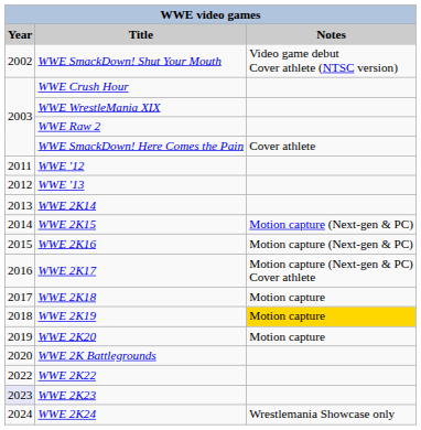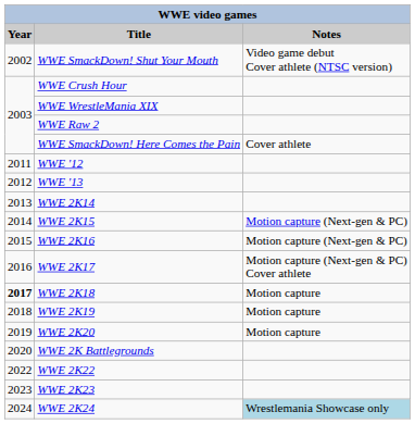 <table class="wikitable sortable">
 <tr style="text-align:center;">
 <th colspan=4 style="background:#B0C4DE;">WWE video games</th>
 </tr>
 <tr style="text-align:center;">
 <th style="background:#ccc;">Year</th>
 <th style="background:#ccc;">Title</th>
 <th style="background:#ccc;">Notes</th>
 </tr>
 <tr>
 <td>2002</td>
 <td><em><a href='#'>WWE SmackDown! Shut Your Mouth</a></em></td>
 <td>Video game debut <br> Cover athlete (<a href='#'>NTSC</a> version)</td>
 </tr>
 <tr>
 <td rowspan="4">2003</td>
 <td><em><a href='#'>WWE Crush Hour</a></em></td>
 <td></td>
 </tr>
 <tr>
 <td><em><a href='#'>WWE WrestleMania XIX</a></em></td>
 <td></td>
 </tr>
 <tr>
 <td><em><a href='#'>WWE Raw 2</a></em></td>
 <td></td>
 </tr>
 <tr>
 <td><em><a href='#'>WWE SmackDown! Here Comes the Pain</a></em></td>
 <td>Cover athlete</td>
 </tr>
 <tr>
 <td>2011</td>
 <td><em><a href='#'>WWE '12</a></em></td>
 <td></td>
 </tr>
 <tr>
 <td>2012</td>
 <td><em><a href='#'>WWE '13</a></em></td>
 <td></td>
 </tr>
 <tr>
 <td>2013</td>
 <td><em><a href='#'>WWE 2K14</a></em></td>
 <td></td>
 </tr>
 <tr>
 <td>2014</td>
 <td><em><a href='#'>WWE 2K15</a></em></td>
 <td><a href='#'>Motion capture</a> (Next-gen & PC)</td>
 </tr>
 <tr>
 <td>2015</td>
 <td><em><a href='#'>WWE 2K16</a></em></td>
 <td>Motion capture (Next-gen & PC)</td>
 </tr>
 <tr>
 <td>2016</td>
 <td><em><a href='#'>WWE 2K17</a></em></td>
 <td>Motion capture (Next-gen & PC) <br> Cover athlete</td>
 </tr>
 <tr>
-<td>2017</td>
+<td><strong>2017</strong></td>
 <td><em><a href='#'>WWE 2K18</a></em></td>
 <td>Motion capture</td>
 </tr>
 <tr>
 <td>2018</td>
 <td><em><a href='#'>WWE 2K19</a></em></td>
-<td style="background: gold;">Motion capture</td>
+<td>Motion capture</td>
 </tr>
 <tr>
 <td>2019</td>
 <td><em><a href='#'>WWE 2K20</a></em></td>
 <td>Motion capture</td>
 </tr>
 <tr>
 <td>2020</td>
 <td><em><a href='#'>WWE 2K Battlegrounds</a></em></td>
 <td></td>
 </tr>
 <tr>
 <td>2022</td>
 <td><em><a href='#'>WWE 2K22</a></em></td>
 <td></td>
 </tr>
 <tr>
-<td style="background: lavender;">2023</td>
+<td>2023</td>
 <td><em><a href='#'>WWE 2K23</a></em></td>
 <td></td>
 </tr>
 <tr>
 <td>2024</td>
 <td><em><a href='#'>WWE 2K24</a></em></td>
-<td>Wrestlemania Showcase only</td>
+<td style="background: lightblue;">Wrestlemania Showcase only</td>
 </tr>
 </table>
